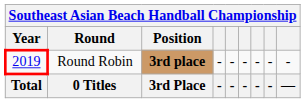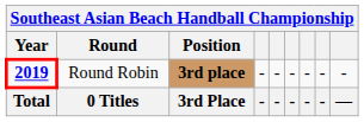 <table class="wikitable" style="text-align: center;">
 <tr>
 <th colspan=9><a href='#'>Southeast Asian Beach Handball Championship</a></th>
 </tr>
 <tr>
 <th>Year</th>
 <th>Round</th>
 <th>Position</th>
 <th></th>
 <th></th>
 <th></th>
 <th></th>
 <th></th>
 <th></th>
 </tr>
 <tr>
-<td style="border: 3px solid red"> <a href='#'>2019</a></td>
+<td style="border: 3px solid red"><strong> <a href='#'>2019</a></strong></td>
 <td>Round Robin</td>
 <td bgcolor=cc9966><strong>3rd place</strong></td>
 <td>-</td>
 <td>-</td>
 <td>-</td>
 <td>-</td>
 <td>-</td>
 <td>-</td>
 </tr>
 <tr>
 <th>Total</th>
 <th>0 Titles</th>
 <th>3rd Place</th>
 <th>-</th>
 <th>-</th>
 <th>-</th>
 <th>-</th>
 <th>-</th>
 <th>—</th>
 </tr>
 </table>
